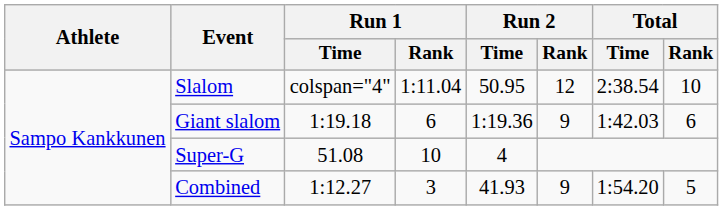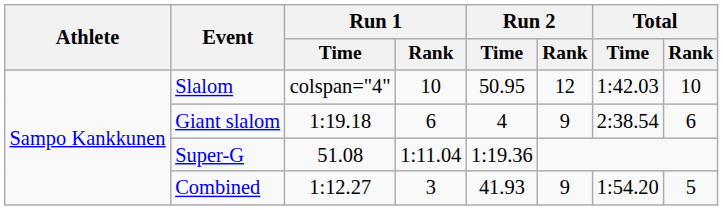 <table class="wikitable" style="font-size:90%">
 <tr>
 <th rowspan=2>Athlete</th>
 <th rowspan=2>Event</th>
 <th colspan=2>Run 1</th>
 <th colspan=2>Run 2</th>
 <th colspan=2>Total</th>
 </tr>
 <tr style="font-size:95%">
 <th>Time</th>
 <th>Rank</th>
 <th>Time</th>
 <th>Rank</th>
 <th>Time</th>
 <th>Rank</th>
 </tr>
 <tr align=center>
 <td align="left" rowspan="4"><a href='#'>Sampo Kankkunen</a></td>
 <td align="left"><a href='#'>Slalom</a></td>
 <td>colspan="4" </td>
-<td>1:11.04</td>
+<td>10</td>
 <td>50.95</td>
 <td>12</td>
-<td>2:38.54</td>
+<td>1:42.03</td>
 <td>10</td>
 </tr>
 <tr align=center>
 <td align="left"><a href='#'>Giant slalom</a></td>
 <td>1:19.18</td>
 <td>6</td>
-<td>1:19.36</td>
+<td>4</td>
 <td>9</td>
-<td>1:42.03</td>
+<td>2:38.54</td>
 <td>6</td>
 </tr>
 <tr align=center>
 <td align="left"><a href='#'>Super-G</a></td>
 <td>51.08</td>
-<td>10</td>
-<td>4</td>
+<td>1:11.04</td>
+<td>1:19.36</td>
 </tr>
 <tr align=center>
 <td align="left"><a href='#'>Combined</a></td>
 <td>1:12.27</td>
 <td>3</td>
 <td>41.93</td>
 <td>9</td>
 <td>1:54.20</td>
 <td>5</td>
 </tr>
 </table>
